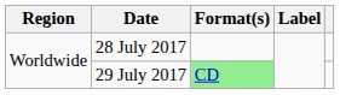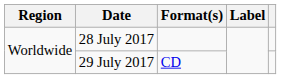 <table class="wikitable plainrowheaders">
 <tr>
 <th scope="col">Region</th>
 <th scope="col">Date</th>
 <th scope="col">Format(s)</th>
 <th scope="col">Label</th>
 <th scope="col"></th>
 </tr>
 <tr>
 <td rowspan="2">Worldwide</td>
 <td>28 July 2017</td>
 <td></td>
 <td rowspan="2"></td>
 <td></td>
 </tr>
 <tr>
 <td>29 July 2017</td>
-<td style="background: lightgreen;"><a href='#'>CD</a></td>
+<td><a href='#'>CD</a></td>
 <td></td>
 </tr>
 </table>
